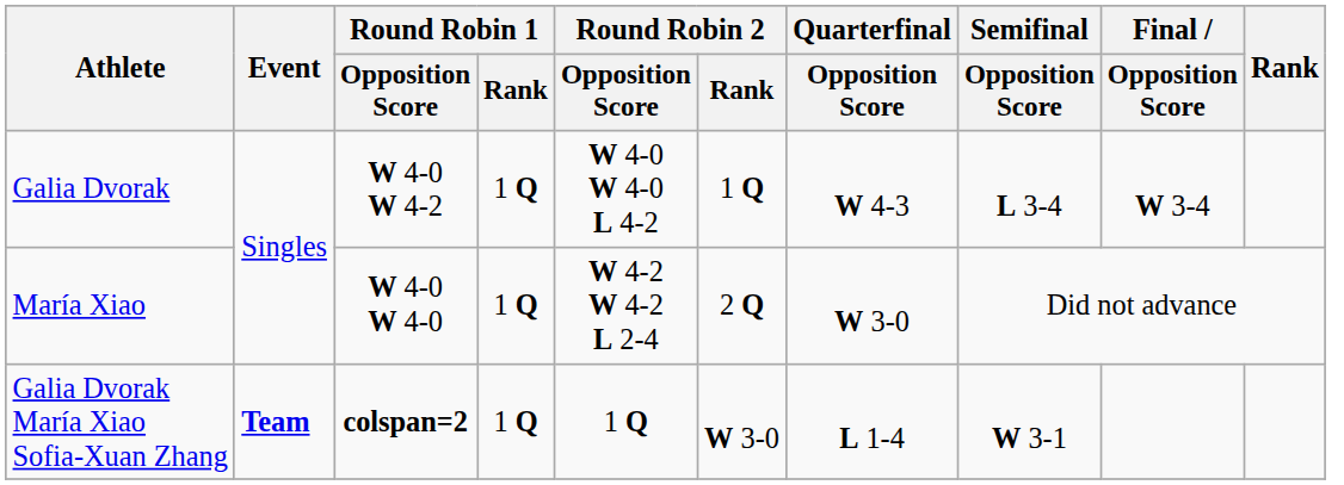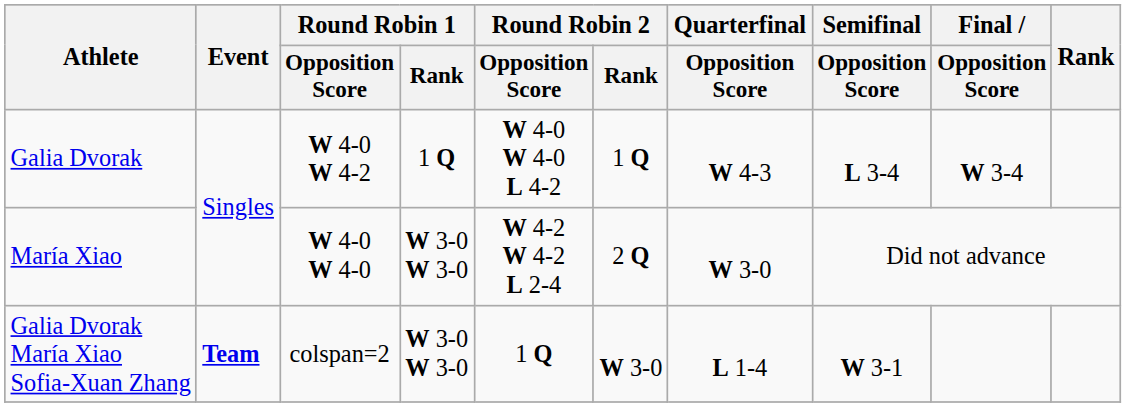 <table class=wikitable style="font-size:90%">
 <tr>
 <th rowspan=2>Athlete</th>
 <th rowspan=2>Event</th>
 <th colspan=2>Round Robin 1</th>
 <th colspan=2>Round Robin 2</th>
 <th>Quarterfinal</th>
 <th>Semifinal</th>
 <th>Final / </th>
 <th rowspan=2>Rank</th>
 </tr>
 <tr style="font-size:95%">
 <th>Opposition<br>Score</th>
 <th>Rank</th>
 <th>Opposition<br>Score</th>
 <th>Rank</th>
 <th>Opposition<br>Score</th>
 <th>Opposition<br>Score</th>
 <th>Opposition<br>Score</th>
 </tr>
 <tr align=center>
 <td align=left><a href='#'>Galia Dvorak</a></td>
 <td align=left rowspan=2><a href='#'>Singles</a></td>
 <td> <strong>W</strong> 4-0<br> <strong>W</strong> 4-2</td>
 <td>1 <strong>Q</strong></td>
 <td> <strong>W</strong> 4-0<br> <strong>W</strong> 4-0<br> <strong>L</strong> 4-2</td>
 <td>1 <strong>Q</strong></td>
 <td> <br><strong>W</strong> 4-3</td>
 <td> <br><strong>L</strong> 3-4</td>
 <td> <br><strong>W</strong> 3-4</td>
 <td></td>
 </tr>
 <tr align=center>
 <td align=left><a href='#'>María Xiao</a></td>
 <td> <strong>W</strong> 4-0<br> <strong>W</strong> 4-0</td>
-<td>1 <strong>Q</strong></td>
+<td> <strong>W</strong> 3-0<br> <strong>W</strong> 3-0</td>
 <td> <strong>W</strong> 4-2<br> <strong>W</strong> 4-2<br> <strong>L</strong> 2-4</td>
 <td>2 <strong>Q</strong></td>
 <td><br> <strong>W</strong> 3-0</td>
 <td colspan=3>Did not advance</td>
 </tr>
 <tr align=center>
 <td align=left><a href='#'>Galia Dvorak</a><br><a href='#'>María Xiao</a><br><a href='#'>Sofia-Xuan Zhang</a></td>
 <td align=left><strong><a href='#'>Team</a></strong></td>
-<td><strong>colspan=2 </strong></td>
-<td>1 <strong>Q</strong></td>
+<td>colspan=2 </td>
+<td> <strong>W</strong> 3-0<br> <strong>W</strong> 3-0</td>
 <td>1 <strong>Q</strong></td>
 <td><br> <strong>W</strong> 3-0</td>
 <td> <br><strong>L</strong> 1-4</td>
 <td><br> <strong>W</strong> 3-1</td>
 <td></td>
 </tr>
 </table>
